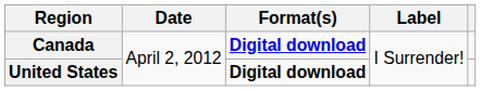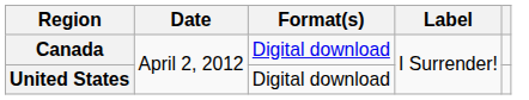 <table class="wikitable plainrowheaders">
 <tr>
 <th scope="col">Region</th>
 <th scope="col">Date</th>
 <th scope="col">Format(s)</th>
 <th scope="col">Label</th>
 <th scope="col"></th>
 </tr>
 <tr>
 <th scope="row">Canada</th>
 <td rowspan="2">April 2, 2012</td>
-<td><strong><a href='#'>Digital download</a></strong></td>
+<td><a href='#'>Digital download</a></td>
 <td rowspan="2">I Surrender!</td>
 <td align="center"></td>
 </tr>
 <tr>
 <th scope="row">United States</th>
-<td><strong>Digital download</strong></td>
+<td>Digital download</td>
 <td align="center"></td>
 </tr>
 </table>
